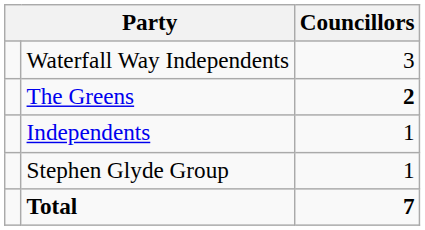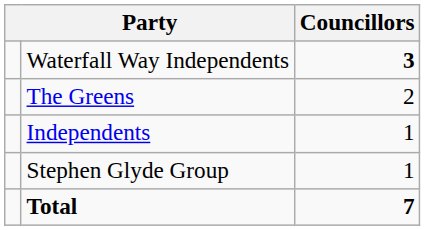 <table class="wikitable">
 <tr>
 <th colspan="2">Party</th>
 <th>Councillors</th>
 </tr>
 <tr>
 <td> </td>
 <td>Waterfall Way Independents</td>
-<td align=right>3</td>
+<td align=right><strong>3</strong></td>
 </tr>
 <tr>
 <td> </td>
 <td><a href='#'>The Greens</a></td>
-<td align=right><strong>2</strong></td>
+<td align=right>2</td>
 </tr>
 <tr>
 <td> </td>
 <td><a href='#'>Independents</a></td>
 <td align=right>1</td>
 </tr>
 <tr>
 <td> </td>
 <td>Stephen Glyde Group</td>
 <td align=right>1</td>
 </tr>
 <tr>
 <td></td>
 <td><strong>Total</strong></td>
 <td align=right><strong>7</strong></td>
 </tr>
 </table>
